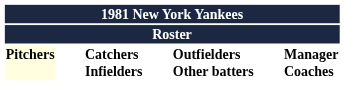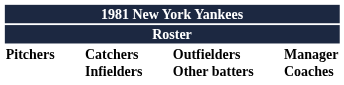 <table class="toccolours" style="font-size: 95%;">
 <tr>
 <th colspan="10" style="background-color: #1c2841; color: white; text-align: center;">1981 New York Yankees</th>
 </tr>
 <tr>
 <td colspan="10" style="background-color:#1c2841; color: white; text-align: center;"><strong>Roster</strong></td>
 </tr>
 <tr>
-<td valign="top" style="background: lightyellow;"><strong>Pitchers</strong><br>               </td>
+<td valign="top"><strong>Pitchers</strong><br>               </td>
 <td width = "25px"></td>
 <td valign="top"><strong>Catchers</strong><br>   <strong>Infielders</strong>            </td>
 <td width = "25px"></td>
 <td valign="top"><strong>Outfielders</strong><br>       <strong>Other batters</strong> </td>
 <td width = "25px"></td>
 <td valign="top"><strong>Manager</strong><br>  <strong>Coaches</strong>        </td>
 </tr>
 </table>
